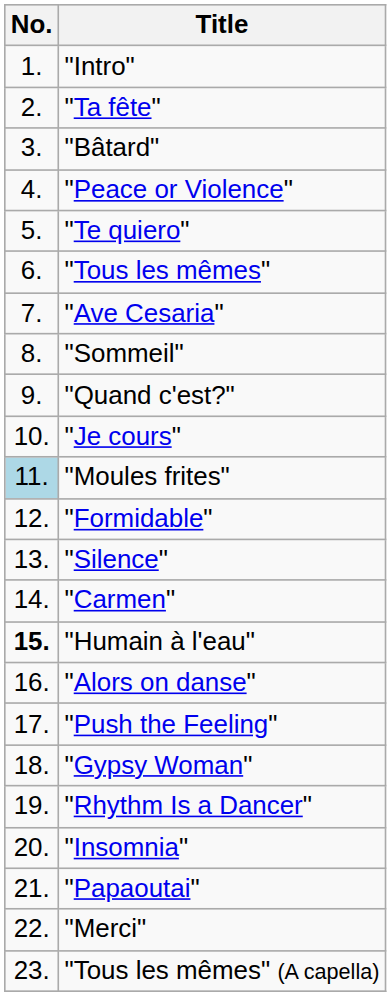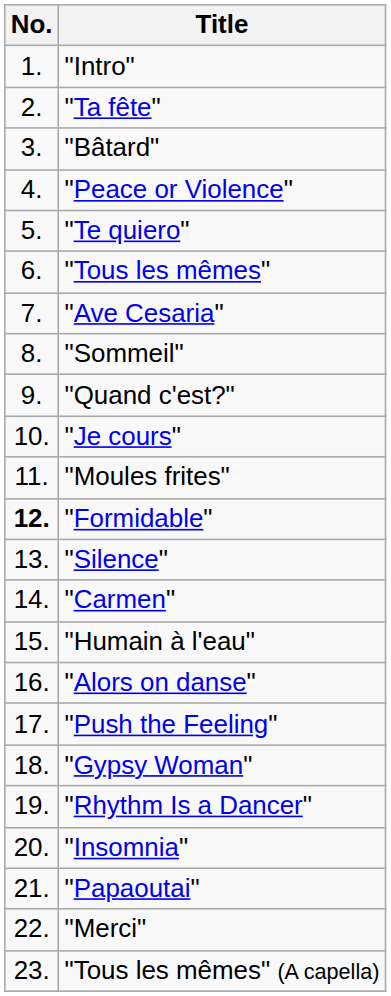 <table class="wikitable sortable">
 <tr>
 <th>No.</th>
 <th>Title</th>
 </tr>
 <tr>
 <td align="center">1.</td>
 <td>"Intro"</td>
 </tr>
 <tr>
 <td align="center">2.</td>
 <td>"<a href='#'>Ta fête</a>"</td>
 </tr>
 <tr>
 <td align="center">3.</td>
 <td>"Bâtard"</td>
 </tr>
 <tr>
 <td align="center">4.</td>
 <td>"<a href='#'>Peace or Violence</a>"</td>
 </tr>
 <tr>
 <td align="center">5.</td>
 <td>"<a href='#'>Te quiero</a>"</td>
 </tr>
 <tr>
 <td align="center">6.</td>
 <td>"<a href='#'>Tous les mêmes</a>"</td>
 </tr>
 <tr>
 <td align="center">7.</td>
 <td>"<a href='#'>Ave Cesaria</a>"</td>
 </tr>
 <tr>
 <td align="center">8.</td>
 <td>"Sommeil"</td>
 </tr>
 <tr>
 <td align="center">9.</td>
 <td>"Quand c'est?"</td>
 </tr>
 <tr>
 <td align="center">10.</td>
 <td>"<a href='#'>Je cours</a>"</td>
 </tr>
 <tr>
-<td align="center" style="background: lightblue;">11.</td>
+<td align="center">11.</td>
 <td>"Moules frites"</td>
 </tr>
 <tr>
-<td align="center">12.</td>
+<td align="center"><strong>12.</strong></td>
 <td>"<a href='#'>Formidable</a>"</td>
 </tr>
 <tr>
 <td align="center">13.</td>
 <td>"<a href='#'>Silence</a>"</td>
 </tr>
 <tr>
 <td align="center">14.</td>
 <td>"<a href='#'>Carmen</a>"</td>
 </tr>
 <tr>
-<td align="center"><strong>15.</strong></td>
+<td align="center">15.</td>
 <td>"Humain à l'eau"</td>
 </tr>
 <tr>
 <td align="center">16.</td>
 <td>"<a href='#'>Alors on danse</a>"</td>
 </tr>
 <tr>
 <td align="center">17.</td>
 <td>"<a href='#'>Push the Feeling</a>"</td>
 </tr>
 <tr>
 <td align="center">18.</td>
 <td>"<a href='#'>Gypsy Woman</a>"</td>
 </tr>
 <tr>
 <td align="center">19.</td>
 <td>"<a href='#'>Rhythm Is a Dancer</a>"</td>
 </tr>
 <tr>
 <td align="center">20.</td>
 <td>"<a href='#'>Insomnia</a>"</td>
 </tr>
 <tr>
 <td align="center">21.</td>
 <td>"<a href='#'>Papaoutai</a>"</td>
 </tr>
 <tr>
 <td align="center">22.</td>
 <td>"Merci"</td>
 </tr>
 <tr>
 <td align="center">23.</td>
 <td>"Tous les mêmes" <small>(A capella)</small></td>
 </tr>
 <tr>
 </tr>
 </table>
